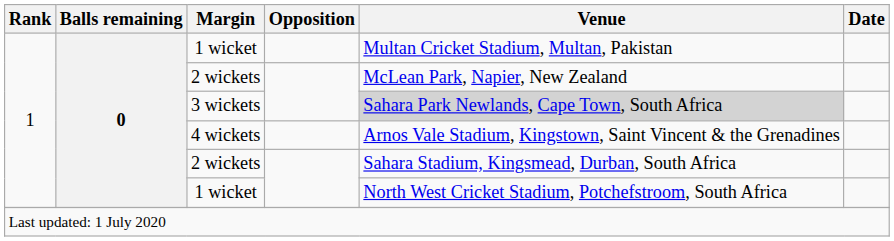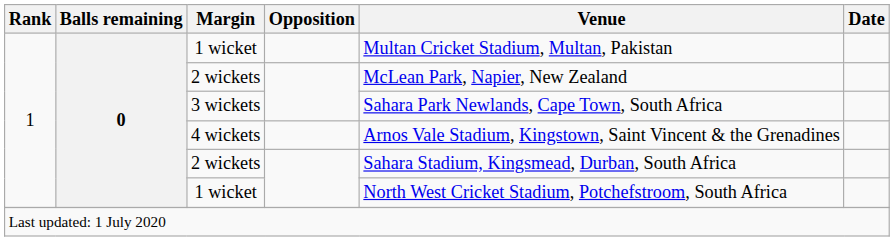 <table class="wikitable plainrowheaders sortable">
 <tr>
 <th scope=col>Rank</th>
 <th scope=col>Balls remaining</th>
 <th scope=col>Margin</th>
 <th scope=col>Opposition</th>
 <th scope=col>Venue</th>
 <th scope=col>Date</th>
 </tr>
 <tr>
 <td align=center rowspan=6>1</td>
 <th scope=row style=text-align:center; rowspan=6>0</th>
 <td scope=row style=text-align:center;>1 wicket</td>
 <td></td>
 <td><a href='#'>Multan Cricket Stadium</a>, <a href='#'>Multan</a>, Pakistan</td>
 <td></td>
 </tr>
 <tr>
 <td scope=row style=text-align:center;>2 wickets</td>
 <td rowspan=2></td>
 <td><a href='#'>McLean Park</a>, <a href='#'>Napier</a>, New Zealand</td>
 <td></td>
 </tr>
 <tr>
 <td scope=row style=text-align:center;>3 wickets</td>
-<td style="background: lightgrey;"><a href='#'>Sahara Park Newlands</a>, <a href='#'>Cape Town</a>, South Africa</td>
+<td><a href='#'>Sahara Park Newlands</a>, <a href='#'>Cape Town</a>, South Africa</td>
 <td></td>
 </tr>
 <tr>
 <td scope=row style=text-align:center;>4 wickets</td>
 <td></td>
 <td><a href='#'>Arnos Vale Stadium</a>, <a href='#'>Kingstown</a>, Saint Vincent & the Grenadines</td>
 <td></td>
 </tr>
 <tr>
 <td scope=row style=text-align:center;>2 wickets</td>
 <td rowspan=2></td>
 <td><a href='#'>Sahara Stadium, Kingsmead</a>, <a href='#'>Durban</a>, South Africa</td>
 <td></td>
 </tr>
 <tr>
 <td scope=row style=text-align:center;>1 wicket</td>
 <td><a href='#'>North West Cricket Stadium</a>, <a href='#'>Potchefstroom</a>, South Africa</td>
 <td></td>
 </tr>
 <tr>
 </tr>
 <tr class=sortbottom>
 <td colspan=6><small>Last updated: 1 July 2020</small></td>
 </tr>
 </table>
